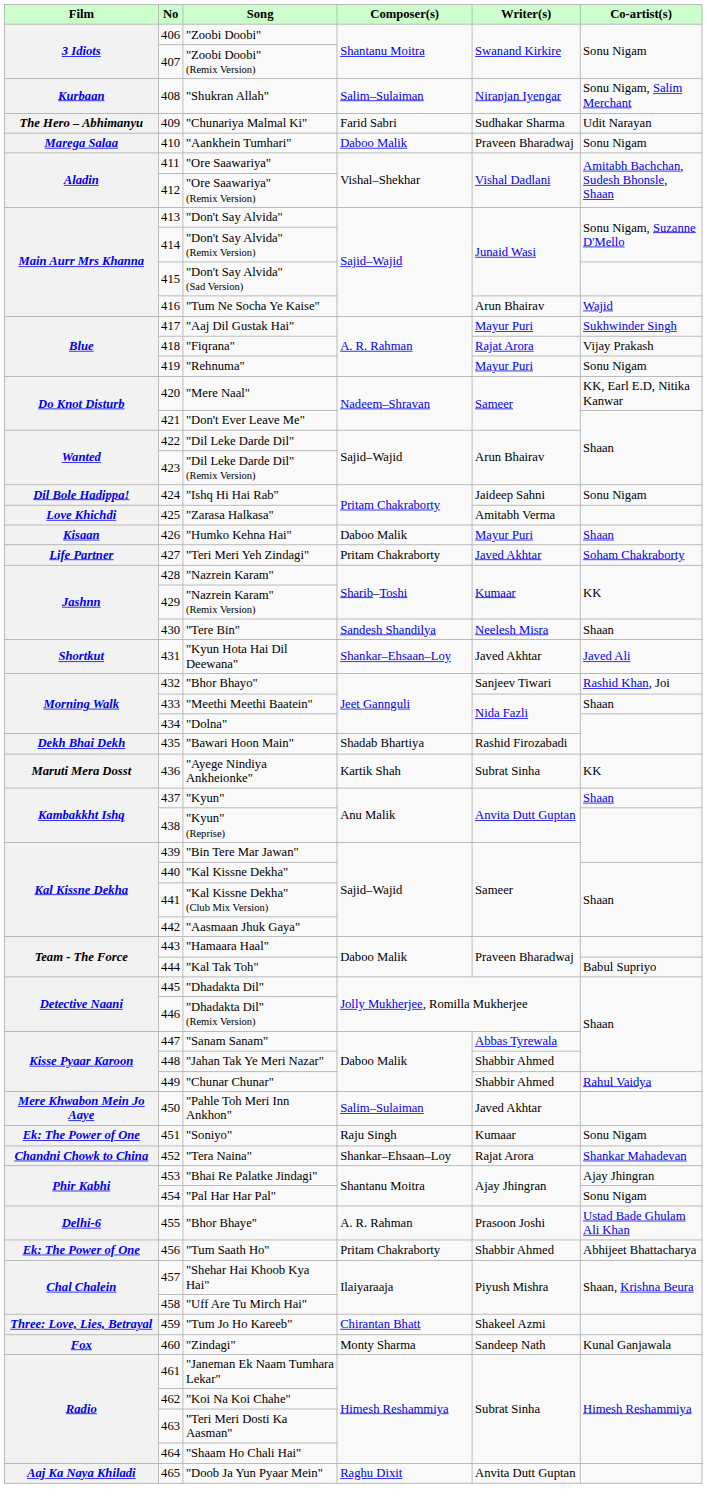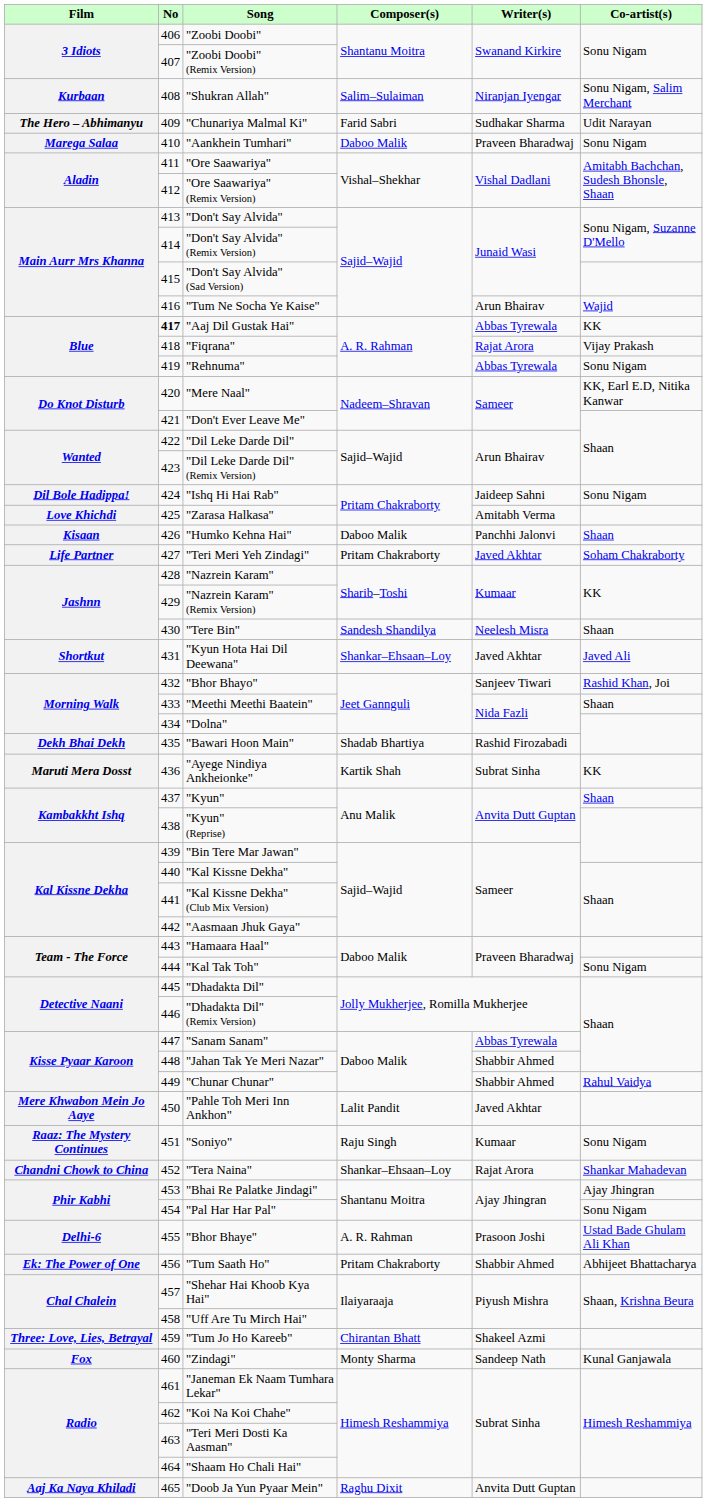 <table class="wikitable plainrowheaders" style="width:100%; textcolor:#000">
 <tr style="background:#cfc; text-align:center;">
 <td scope="col" style="width:23%;"><strong>Film</strong></td>
 <td><strong>No</strong></td>
 <td scope="col" style="width:23%;"><strong>Song</strong></td>
 <td scope="col" style="width:20%;"><strong>Composer(s)</strong></td>
 <td scope="col" style="width:16%;"><strong>Writer(s)</strong></td>
 <td scope="col" style="width:18%;"><strong>Co-artist(s)</strong></td>
 </tr>
 <tr>
 <th scope="row" rowspan="2"><em><a href='#'>3 Idiots</a></em></th>
 <td>406</td>
 <td>"Zoobi Doobi"</td>
 <td rowspan="2"><a href='#'>Shantanu Moitra</a></td>
 <td rowspan="2"><a href='#'>Swanand Kirkire</a></td>
 <td rowspan="2">Sonu Nigam</td>
 </tr>
 <tr>
 <td>407</td>
 <td>"Zoobi Doobi" <br><small>(Remix Version)</small></td>
 </tr>
 <tr>
 <th scope="row"><em><a href='#'>Kurbaan</a></em></th>
 <td>408</td>
 <td>"Shukran Allah"</td>
 <td><a href='#'>Salim–Sulaiman</a></td>
 <td><a href='#'>Niranjan Iyengar</a></td>
 <td>Sonu Nigam, <a href='#'>Salim Merchant</a></td>
 </tr>
 <tr>
 <th scope="row"><em>The Hero – Abhimanyu</em></th>
 <td>409</td>
 <td>"Chunariya Malmal Ki"</td>
 <td>Farid Sabri</td>
 <td>Sudhakar Sharma</td>
 <td>Udit Narayan</td>
 </tr>
 <tr>
 <th scope="row"><em><a href='#'>Marega Salaa</a></em></th>
 <td>410</td>
 <td>"Aankhein Tumhari"</td>
 <td><a href='#'>Daboo Malik</a></td>
 <td>Praveen Bharadwaj</td>
 <td>Sonu Nigam</td>
 </tr>
 <tr>
 <th scope="row" rowspan="2"><em><a href='#'>Aladin</a></em></th>
 <td>411</td>
 <td>"Ore Saawariya"</td>
 <td rowspan="2">Vishal–Shekhar</td>
 <td rowspan="2"><a href='#'>Vishal Dadlani</a></td>
 <td rowspan="2"><a href='#'>Amitabh Bachchan</a>, <a href='#'>Sudesh Bhonsle</a>, <a href='#'>Shaan</a></td>
 </tr>
 <tr>
 <td>412</td>
 <td>"Ore Saawariya" <br><small>(Remix Version)</small></td>
 </tr>
 <tr>
 <th scope="row" rowspan="4"><em><a href='#'>Main Aurr Mrs Khanna</a></em></th>
 <td>413</td>
 <td>"Don't Say Alvida"</td>
 <td rowspan="4"><a href='#'>Sajid–Wajid</a></td>
 <td rowspan="3"><a href='#'>Junaid Wasi</a></td>
 <td rowspan="2">Sonu Nigam, <a href='#'>Suzanne D'Mello</a></td>
 </tr>
 <tr>
 <td>414</td>
 <td>"Don't Say Alvida" <br><small>(Remix Version)</small></td>
 </tr>
 <tr>
 <td>415</td>
 <td>"Don't Say Alvida" <br><small>(Sad Version)</small></td>
 <td></td>
 </tr>
 <tr>
 <td>416</td>
 <td>"Tum Ne Socha Ye Kaise"</td>
 <td>Arun Bhairav</td>
 <td><a href='#'>Wajid</a></td>
 </tr>
 <tr>
 <th scope="row" rowspan="3"><em><a href='#'>Blue</a></em></th>
-<td>417</td>
+<td><strong>417</strong></td>
 <td>"Aaj Dil Gustak Hai"</td>
 <td rowspan="3"><a href='#'>A. R. Rahman</a></td>
-<td><a href='#'>Mayur Puri</a></td>
-<td><a href='#'>Sukhwinder Singh</a></td>
+<td><a href='#'>Abbas Tyrewala</a></td>
+<td>KK</td>
 </tr>
 <tr>
 <td>418</td>
 <td>"Fiqrana"</td>
 <td><a href='#'>Rajat Arora</a></td>
 <td>Vijay Prakash</td>
 </tr>
 <tr>
 <td>419</td>
 <td>"Rehnuma"</td>
-<td><a href='#'>Mayur Puri</a></td>
+<td><a href='#'>Abbas Tyrewala</a></td>
 <td>Sonu Nigam</td>
 </tr>
 <tr>
 <th scope="row" rowspan="2"><em><a href='#'>Do Knot Disturb</a></em></th>
 <td>420</td>
 <td>"Mere Naal"</td>
 <td rowspan="2"><a href='#'>Nadeem–Shravan</a></td>
 <td rowspan="2"><a href='#'>Sameer</a></td>
 <td>KK, Earl E.D, Nitika Kanwar</td>
 </tr>
 <tr>
 <td>421</td>
 <td>"Don't Ever Leave Me"</td>
 <td rowspan="3">Shaan</td>
 </tr>
 <tr>
 <th scope="row" rowspan="2"><em><a href='#'>Wanted</a></em></th>
 <td>422</td>
 <td>"Dil Leke Darde Dil"</td>
 <td rowspan="2">Sajid–Wajid</td>
 <td rowspan="2">Arun Bhairav</td>
 </tr>
 <tr>
 <td>423</td>
 <td>"Dil Leke Darde Dil" <br><small>(Remix Version)</small></td>
 </tr>
 <tr>
 <th scope="row"><em><a href='#'>Dil Bole Hadippa!</a></em></th>
 <td>424</td>
 <td>"Ishq Hi Hai Rab"</td>
 <td rowspan="2"><a href='#'>Pritam Chakraborty</a></td>
 <td>Jaideep Sahni</td>
 <td>Sonu Nigam</td>
 </tr>
 <tr>
 <th scope="row"><em><a href='#'>Love Khichdi</a></em></th>
 <td>425</td>
 <td>"Zarasa Halkasa"</td>
 <td>Amitabh Verma</td>
 <td></td>
 </tr>
 <tr>
 <th scope="row"><em><a href='#'>Kisaan</a></em></th>
 <td>426</td>
 <td>"Humko Kehna Hai"</td>
 <td>Daboo Malik</td>
-<td><a href='#'>Mayur Puri</a></td>
+<td>Panchhi Jalonvi</td>
 <td><a href='#'>Shaan</a></td>
 </tr>
 <tr>
 <th scope="row"><em><a href='#'>Life Partner</a></em></th>
 <td>427</td>
 <td>"Teri Meri Yeh Zindagi"</td>
 <td>Pritam Chakraborty</td>
 <td><a href='#'>Javed Akhtar</a></td>
 <td><a href='#'>Soham Chakraborty</a></td>
 </tr>
 <tr>
 <th scope="row" rowspan="3"><em><a href='#'>Jashnn</a></em></th>
 <td>428</td>
 <td>"Nazrein Karam"</td>
 <td rowspan="2"><a href='#'>Sharib</a>–<a href='#'>Toshi</a></td>
 <td rowspan="2"><a href='#'>Kumaar</a></td>
 <td rowspan="2">KK</td>
 </tr>
 <tr>
 <td>429</td>
 <td>"Nazrein Karam" <br><small>(Remix Version)</small></td>
 </tr>
 <tr>
 <td>430</td>
 <td>"Tere Bin"</td>
 <td><a href='#'>Sandesh Shandilya</a></td>
 <td><a href='#'>Neelesh Misra</a></td>
 <td>Shaan</td>
 </tr>
 <tr>
 <th scope="row"><em><a href='#'>Shortkut</a></em></th>
 <td>431</td>
 <td>"Kyun Hota Hai Dil Deewana"</td>
 <td><a href='#'>Shankar–Ehsaan–Loy</a></td>
 <td>Javed Akhtar</td>
 <td><a href='#'>Javed Ali</a></td>
 </tr>
 <tr>
 <th scope="row" rowspan="3"><em><a href='#'>Morning Walk</a></em></th>
 <td>432</td>
 <td>"Bhor Bhayo"</td>
 <td rowspan="3"><a href='#'>Jeet Gannguli</a></td>
 <td>Sanjeev Tiwari</td>
 <td><a href='#'>Rashid Khan</a>, Joi</td>
 </tr>
 <tr>
 <td>433</td>
 <td>"Meethi Meethi Baatein"</td>
 <td rowspan="2"><a href='#'>Nida Fazli</a></td>
 <td>Shaan</td>
 </tr>
 <tr>
 <td>434</td>
 <td>"Dolna"</td>
 <td rowspan="2"></td>
 </tr>
 <tr>
 <th scope="row"><em><a href='#'>Dekh Bhai Dekh</a></em></th>
 <td>435</td>
 <td>"Bawari Hoon Main"</td>
 <td>Shadab Bhartiya</td>
 <td>Rashid Firozabadi</td>
 </tr>
 <tr>
 <th scope="row"><em>Maruti Mera Dosst</em></th>
 <td>436</td>
 <td>"Ayege Nindiya Ankheionke"</td>
 <td>Kartik Shah</td>
 <td>Subrat Sinha</td>
 <td>KK</td>
 </tr>
 <tr>
 <th scope="row" rowspan="2"><em><a href='#'>Kambakkht Ishq</a></em></th>
 <td>437</td>
 <td>"Kyun"</td>
 <td rowspan="2">Anu Malik</td>
 <td rowspan="2"><a href='#'>Anvita Dutt Guptan</a></td>
 <td><a href='#'>Shaan</a></td>
 </tr>
 <tr>
 <td>438</td>
 <td>"Kyun" <br><small>(Reprise)</small></td>
 <td rowspan="2"></td>
 </tr>
 <tr>
 <th scope="row" rowspan="4"><em><a href='#'>Kal Kissne Dekha</a></em></th>
 <td>439</td>
 <td>"Bin Tere Mar Jawan"</td>
 <td rowspan="4">Sajid–Wajid</td>
 <td rowspan="4">Sameer</td>
 </tr>
 <tr>
 <td>440</td>
 <td>"Kal Kissne Dekha"</td>
 <td rowspan="3">Shaan</td>
 </tr>
 <tr>
 <td>441</td>
 <td>"Kal Kissne Dekha" <br><small>(Club Mix Version)</small></td>
 </tr>
 <tr>
 <td>442</td>
 <td>"Aasmaan Jhuk Gaya"</td>
 </tr>
 <tr>
 <th scope="row" rowspan="2"><em>Team - The Force</em></th>
 <td>443</td>
 <td>"Hamaara Haal"</td>
 <td rowspan="2">Daboo Malik</td>
 <td rowspan="2">Praveen Bharadwaj</td>
 <td></td>
 </tr>
 <tr>
 <td>444</td>
 <td>"Kal Tak Toh"</td>
-<td>Babul Supriyo</td>
+<td>Sonu Nigam</td>
 </tr>
 <tr>
 <th scope="row" rowspan="2"><em><a href='#'>Detective Naani</a></em></th>
 <td>445</td>
 <td>"Dhadakta Dil"</td>
 <td rowspan="2" colspan="2"><a href='#'>Jolly Mukherjee</a>, Romilla Mukherjee</td>
 <td rowspan="4">Shaan</td>
 </tr>
 <tr>
 <td>446</td>
 <td>"Dhadakta Dil" <br><small>(Remix Version)</small></td>
 </tr>
 <tr>
 <th scope="row" rowspan="3"><em><a href='#'>Kisse Pyaar Karoon</a></em></th>
 <td>447</td>
 <td>"Sanam Sanam"</td>
 <td rowspan="3">Daboo Malik</td>
 <td><a href='#'>Abbas Tyrewala</a></td>
 </tr>
 <tr>
 <td>448</td>
 <td>"Jahan Tak Ye Meri Nazar"</td>
 <td>Shabbir Ahmed</td>
 </tr>
 <tr>
 <td>449</td>
 <td>"Chunar Chunar"</td>
 <td>Shabbir Ahmed</td>
 <td><a href='#'>Rahul Vaidya</a></td>
 </tr>
 <tr>
 <th scope="row"><em><a href='#'>Mere Khwabon Mein Jo Aaye</a></em></th>
 <td>450</td>
 <td>"Pahle Toh Meri Inn Ankhon"</td>
-<td><a href='#'>Salim–Sulaiman</a></td>
+<td>Lalit Pandit</td>
 <td>Javed Akhtar</td>
 <td></td>
 </tr>
 <tr>
-<th scope="row"><em><a href='#'>Ek: The Power of One</a></em></th>
+<th scope="row"><em><a href='#'>Raaz: The Mystery Continues</a></em></th>
 <td>451</td>
 <td>"Soniyo"</td>
 <td>Raju Singh</td>
 <td>Kumaar</td>
 <td>Sonu Nigam</td>
 </tr>
 <tr>
 <th scope="row"><em><a href='#'>Chandni Chowk to China</a></em></th>
 <td>452</td>
 <td>"Tera Naina"</td>
 <td>Shankar–Ehsaan–Loy</td>
 <td>Rajat Arora</td>
 <td><a href='#'>Shankar Mahadevan</a></td>
 </tr>
 <tr>
 <th scope="row" rowspan="2"><em><a href='#'>Phir Kabhi</a></em></th>
 <td>453</td>
 <td>"Bhai Re Palatke Jindagi"</td>
 <td rowspan="2">Shantanu Moitra</td>
 <td rowspan="2">Ajay Jhingran</td>
 <td>Ajay Jhingran</td>
 </tr>
 <tr>
 <td>454</td>
 <td>"Pal Har Har Pal"</td>
 <td>Sonu Nigam</td>
 </tr>
 <tr>
 <th scope="row"><em><a href='#'>Delhi-6</a></em></th>
 <td>455</td>
 <td>"Bhor Bhaye"</td>
 <td>A. R. Rahman</td>
 <td>Prasoon Joshi</td>
 <td><a href='#'>Ustad Bade Ghulam Ali Khan</a></td>
 </tr>
 <tr>
 <th scope="row"><em><a href='#'>Ek: The Power of One</a></em></th>
 <td>456</td>
 <td>"Tum Saath Ho"</td>
 <td>Pritam Chakraborty</td>
 <td>Shabbir Ahmed</td>
 <td>Abhijeet Bhattacharya</td>
 </tr>
 <tr>
 <th scope="row" rowspan="2"><em><a href='#'>Chal Chalein</a></em></th>
 <td>457</td>
 <td>"Shehar Hai Khoob Kya Hai"</td>
 <td rowspan="2">Ilaiyaraaja</td>
 <td rowspan="2">Piyush Mishra</td>
 <td rowspan="2">Shaan, <a href='#'>Krishna Beura</a></td>
 </tr>
 <tr>
 <td>458</td>
 <td>"Uff Are Tu Mirch Hai"</td>
 </tr>
 <tr>
 <th scope="row"><em><a href='#'>Three: Love, Lies, Betrayal</a></em></th>
 <td>459</td>
 <td>"Tum Jo Ho Kareeb"</td>
 <td><a href='#'>Chirantan Bhatt</a></td>
 <td>Shakeel Azmi</td>
 <td></td>
 </tr>
 <tr>
 <th scope="row"><em><a href='#'>Fox</a></em></th>
 <td>460</td>
 <td>"Zindagi"</td>
 <td>Monty Sharma</td>
 <td>Sandeep Nath</td>
 <td>Kunal Ganjawala</td>
 </tr>
 <tr>
 <th scope="row" rowspan="4"><em><a href='#'>Radio</a></em></th>
 <td>461</td>
 <td>"Janeman Ek Naam Tumhara Lekar"</td>
 <td rowspan="4"><a href='#'>Himesh Reshammiya</a></td>
 <td rowspan="4">Subrat Sinha</td>
 <td rowspan="4"><a href='#'>Himesh Reshammiya</a></td>
 </tr>
 <tr>
 <td>462</td>
 <td>"Koi Na Koi Chahe"</td>
 </tr>
 <tr>
 <td>463</td>
 <td>"Teri Meri Dosti Ka Aasman"</td>
 </tr>
 <tr>
 <td>464</td>
 <td>"Shaam Ho Chali Hai"</td>
 </tr>
 <tr>
 <th scope="row"><em><a href='#'>Aaj Ka Naya Khiladi</a></em></th>
 <td>465</td>
 <td>"Doob Ja Yun Pyaar Mein"</td>
 <td><a href='#'>Raghu Dixit</a></td>
 <td>Anvita Dutt Guptan</td>
 <td></td>
 </tr>
 </table>
